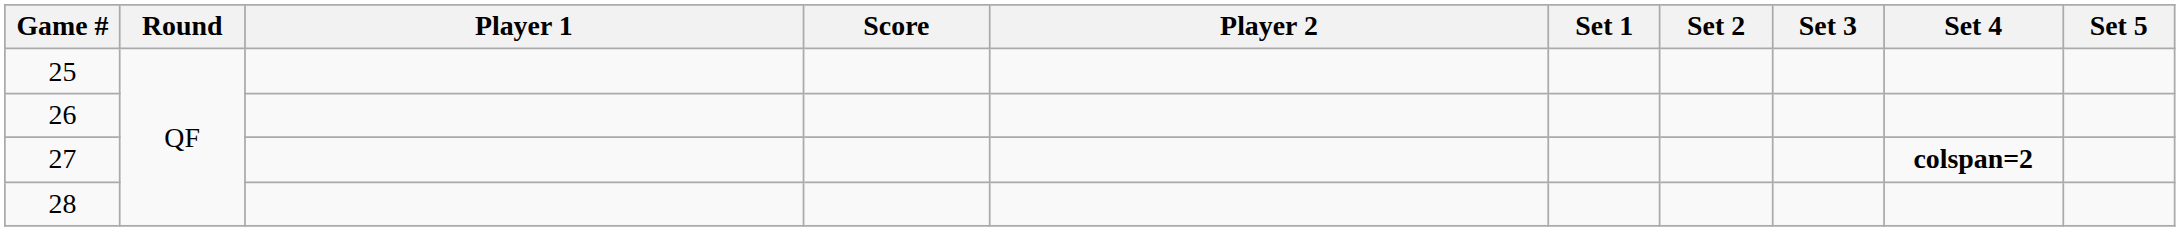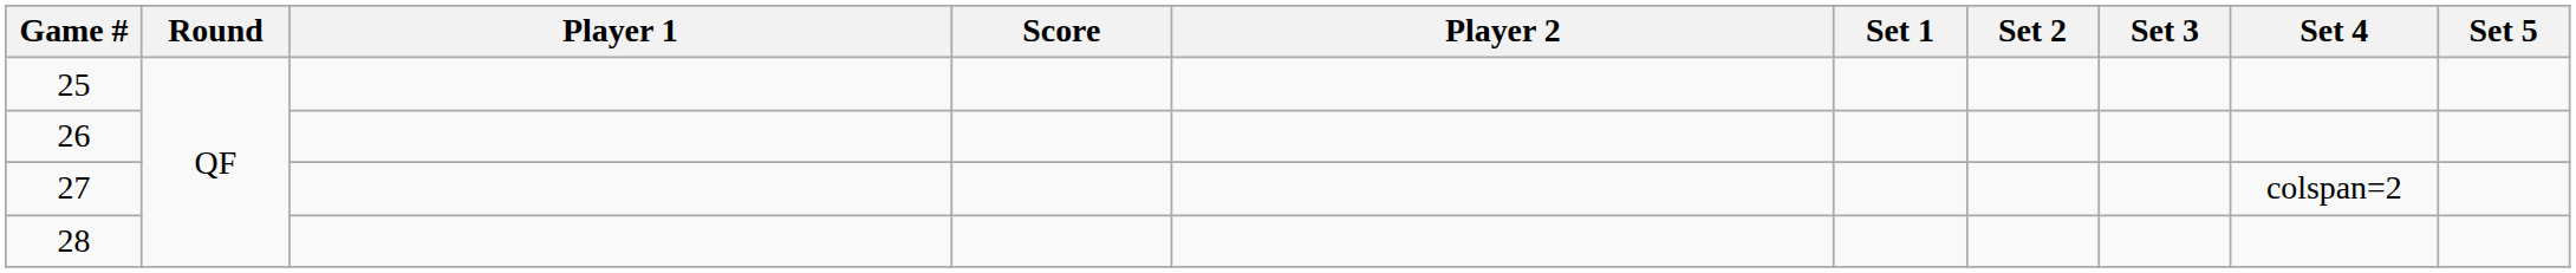 <table class="wikitable">
 <tr>
 <th width="2%">Game #</th>
 <th width="2%">Round</th>
 <th width="15%">Player 1</th>
 <th width="5%">Score</th>
 <th width="15%">Player 2</th>
 <th width="3%">Set 1</th>
 <th width="3%">Set 2</th>
 <th width="3%">Set 3</th>
 <th width="3%">Set 4</th>
 <th width="3%">Set 5</th>
 </tr>
 <tr style=text-align:center;>
 <td>25</td>
 <td rowspan=4>QF</td>
 <td><strong></strong></td>
 <td></td>
 <td></td>
 <td></td>
 <td></td>
 <td></td>
 <td></td>
 <td></td>
 </tr>
 <tr style=text-align:center;>
 <td>26</td>
 <td></td>
 <td></td>
 <td><strong></strong></td>
 <td></td>
 <td></td>
 <td></td>
 <td></td>
 <td></td>
 </tr>
 <tr style=text-align:center;>
 <td>27</td>
 <td><strong></strong></td>
 <td></td>
 <td></td>
 <td></td>
 <td></td>
 <td></td>
-<td><strong>colspan=2</strong></td>
+<td>colspan=2</td>
 </tr>
 <tr style=text-align:center;>
 <td>28</td>
 <td><strong></strong></td>
 <td></td>
 <td></td>
 <td></td>
 <td></td>
 <td></td>
 <td></td>
 <td></td>
 </tr>
 </table>
